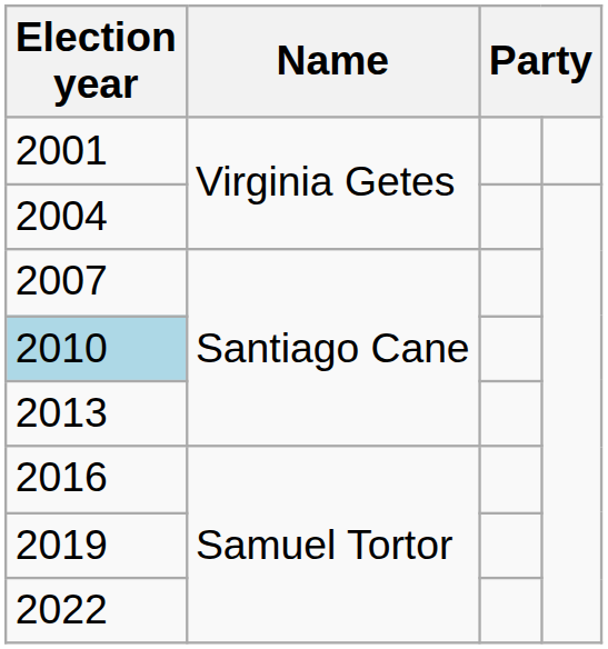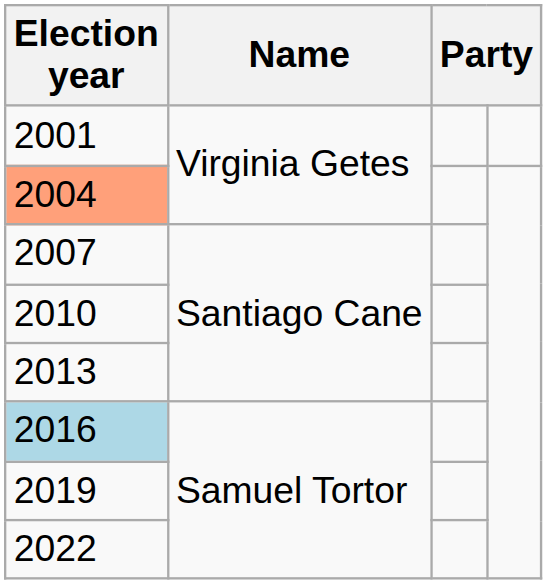 <table class=wikitable>
 <tr>
 <th>Election<br>year</th>
 <th>Name</th>
 <th colspan=2>Party</th>
 </tr>
 <tr>
 <td>2001</td>
 <td rowspan="2">Virginia Getes</td>
 <td></td>
 <td></td>
 </tr>
 <tr>
-<td>2004</td>
+<td style="background: lightsalmon;">2004</td>
 <td></td>
 </tr>
 <tr>
 <td>2007</td>
 <td rowspan="3">Santiago Cane</td>
 <td></td>
 </tr>
 <tr>
-<td style="background: lightblue;">2010</td>
+<td>2010</td>
 <td></td>
 </tr>
 <tr>
 <td>2013</td>
 <td></td>
 </tr>
 <tr>
-<td>2016</td>
+<td style="background: lightblue;">2016</td>
 <td rowspan=3>Samuel Tortor</td>
 <td></td>
 </tr>
 <tr>
 <td>2019</td>
 <td></td>
 </tr>
 <tr>
 <td>2022</td>
 <td></td>
 </tr>
 </table>
